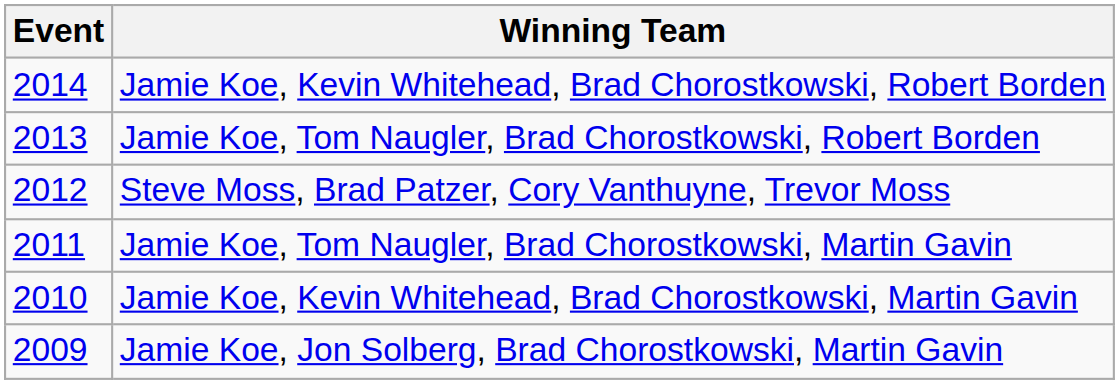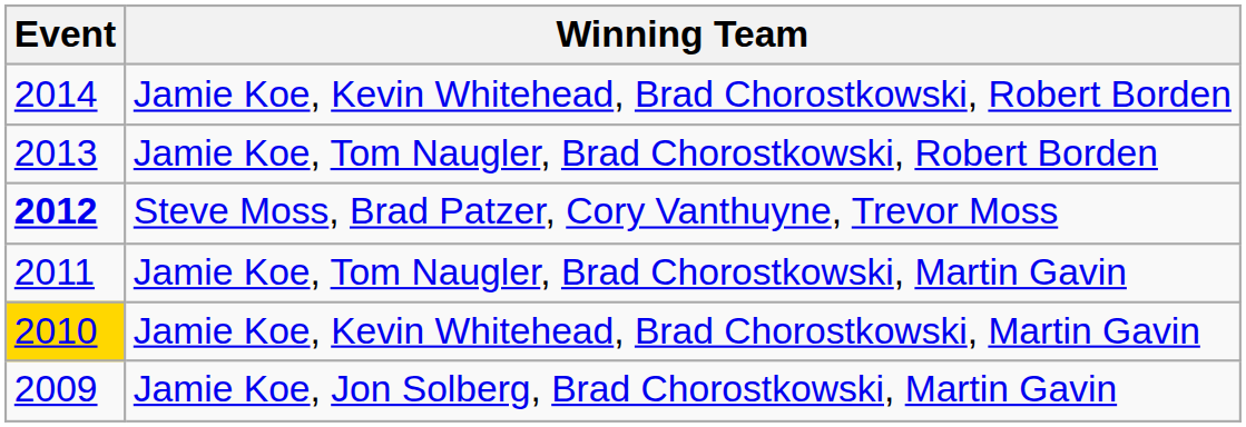 <table class="wikitable">
 <tr>
 <th>Event</th>
 <th>Winning Team</th>
 </tr>
 <tr>
 <td><a href='#'>2014</a></td>
 <td><a href='#'>Jamie Koe</a>, <a href='#'>Kevin Whitehead</a>, <a href='#'>Brad Chorostkowski</a>, <a href='#'>Robert Borden</a></td>
 </tr>
 <tr>
 <td><a href='#'>2013</a></td>
 <td><a href='#'>Jamie Koe</a>, <a href='#'>Tom Naugler</a>, <a href='#'>Brad Chorostkowski</a>, <a href='#'>Robert Borden</a></td>
 </tr>
 <tr>
-<td><a href='#'>2012</a></td>
+<td><strong><a href='#'>2012</a></strong></td>
 <td><a href='#'>Steve Moss</a>, <a href='#'>Brad Patzer</a>, <a href='#'>Cory Vanthuyne</a>, <a href='#'>Trevor Moss</a></td>
 </tr>
 <tr>
 <td><a href='#'>2011</a></td>
 <td><a href='#'>Jamie Koe</a>, <a href='#'>Tom Naugler</a>, <a href='#'>Brad Chorostkowski</a>, <a href='#'>Martin Gavin</a></td>
 </tr>
 <tr>
-<td><a href='#'>2010</a></td>
+<td style="background: gold;"><a href='#'>2010</a></td>
 <td><a href='#'>Jamie Koe</a>, <a href='#'>Kevin Whitehead</a>, <a href='#'>Brad Chorostkowski</a>, <a href='#'>Martin Gavin</a></td>
 </tr>
 <tr>
 <td><a href='#'>2009</a></td>
 <td><a href='#'>Jamie Koe</a>, <a href='#'>Jon Solberg</a>, <a href='#'>Brad Chorostkowski</a>, <a href='#'>Martin Gavin</a></td>
 </tr>
 </table>
